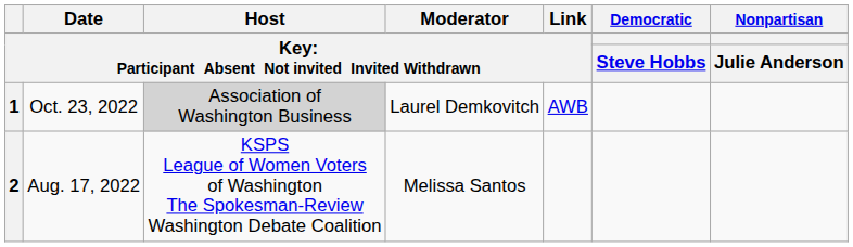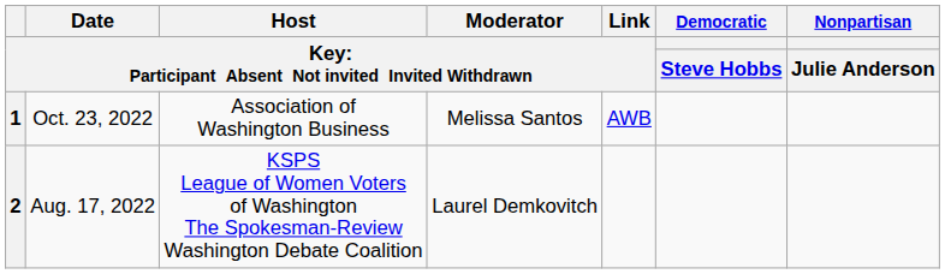 <table class="wikitable" style="text-align:center;">
 <tr>
 <th scope="col"></th>
 <th scope="col">Date</th>
 <th scope="col">Host</th>
 <th scope="col">Moderator</th>
 <th scope="col">Link</th>
 <th scope="col"><small><a href='#'>Democratic</a></small></th>
 <th scope="col"><small><a href='#'>Nonpartisan</a></small></th>
 </tr>
 <tr>
 <th colspan="5" rowspan="2">Key:<br> <small>Participant </small>  <small>Absent </small>  <small>Not invited </small>  <small>Invited  Withdrawn</small></th>
 <th scope="col" style="background:"></th>
 <th scope="col" style="background:"></th>
 </tr>
 <tr>
 <th scope="col"><a href='#'>Steve Hobbs</a></th>
 <th scope="col">Julie Anderson</th>
 </tr>
 <tr>
 <th>1</th>
 <td style="white-space:nowrap;">Oct. 23, 2022</td>
-<td style="background: lightgrey; white-space:nowrap;">Association of<br>Washington Business</td>
-<td style="white-space:nowrap;">Laurel Demkovitch</td>
+<td style="white-space:nowrap;">Association of<br>Washington Business</td>
+<td style="white-space:nowrap;">Melissa Santos</td>
 <td style="white-space:nowrap;"><a href='#'>AWB</a></td>
 <td></td>
 <td></td>
 </tr>
 <tr>
 <th>2</th>
 <td style="white-space:nowrap;">Aug. 17, 2022</td>
 <td style="white-space:nowrap;"><a href='#'>KSPS</a><br><a href='#'>League of Women Voters</a><br>of Washington<br><a href='#'>The Spokesman-Review</a><br>Washington Debate Coalition</td>
-<td style="white-space:nowrap;">Melissa Santos</td>
+<td style="white-space:nowrap;">Laurel Demkovitch</td>
 <td style="white-space:nowrap;"></td>
 <td></td>
 <td></td>
 </tr>
 </table>
